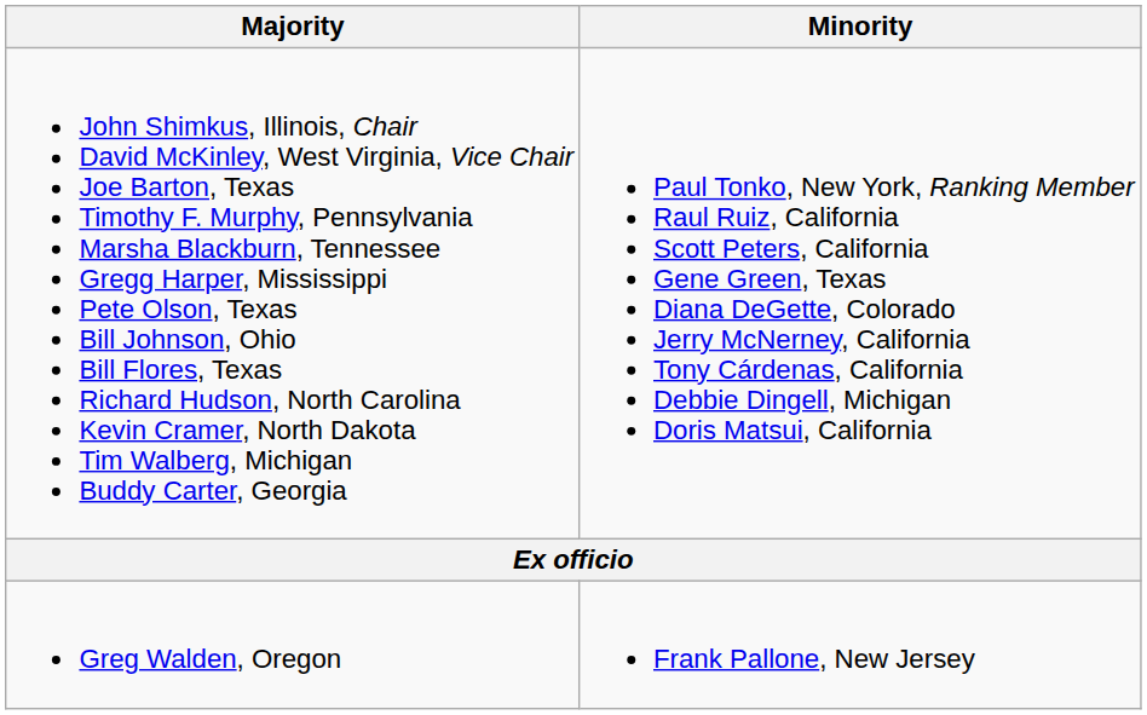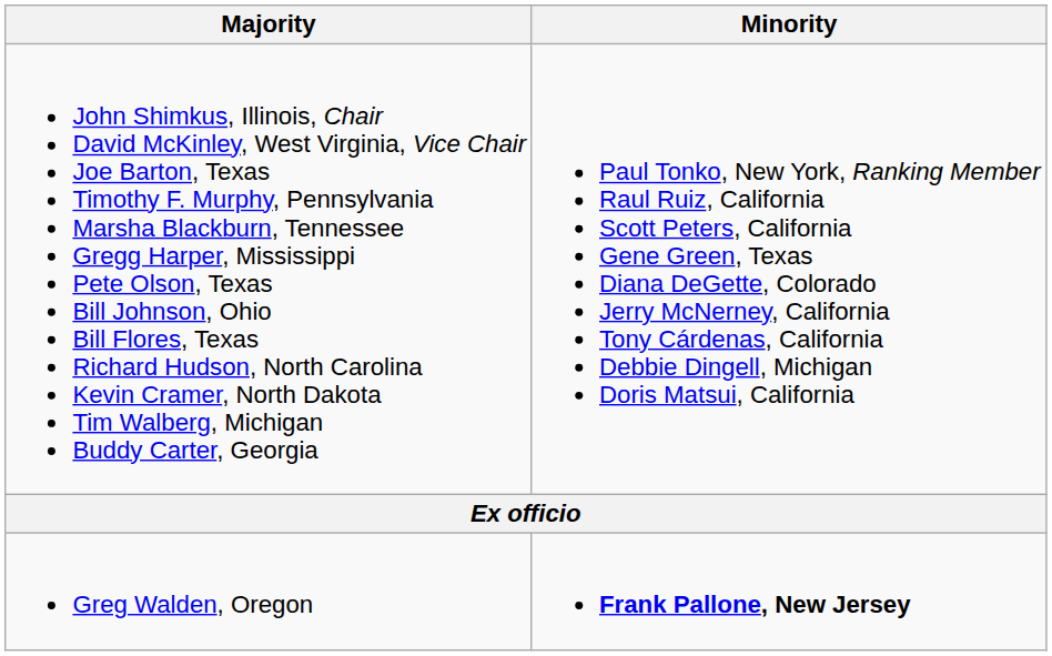 <table class="wikitable">
 <tr>
 <th>Majority</th>
 <th>Minority</th>
 </tr>
 <tr>
 <td><br><ul><li><a href='#'>John Shimkus</a>, Illinois, <em>Chair</em></li><li><a href='#'>David McKinley</a>, West Virginia, <em>Vice Chair</em></li><li><a href='#'>Joe Barton</a>, Texas</li><li><a href='#'>Timothy F. Murphy</a>, Pennsylvania</li><li><a href='#'>Marsha Blackburn</a>, Tennessee</li><li><a href='#'>Gregg Harper</a>, Mississippi</li><li><a href='#'>Pete Olson</a>, Texas</li><li><a href='#'>Bill Johnson</a>, Ohio</li><li><a href='#'>Bill Flores</a>, Texas</li><li><a href='#'>Richard Hudson</a>, North Carolina</li><li><a href='#'>Kevin Cramer</a>, North Dakota</li><li><a href='#'>Tim Walberg</a>, Michigan</li><li><a href='#'>Buddy Carter</a>, Georgia</li></ul></td>
 <td><br><ul><li><a href='#'>Paul Tonko</a>, New York, <em>Ranking Member</em></li><li><a href='#'>Raul Ruiz</a>, California</li><li><a href='#'>Scott Peters</a>, California</li><li><a href='#'>Gene Green</a>, Texas</li><li><a href='#'>Diana DeGette</a>, Colorado</li><li><a href='#'>Jerry McNerney</a>, California</li><li><a href='#'>Tony Cárdenas</a>, California</li><li><a href='#'>Debbie Dingell</a>, Michigan</li><li><a href='#'>Doris Matsui</a>, California</li></ul></td>
 </tr>
 <tr>
 <th colspan="2"><em>Ex officio</em></th>
 </tr>
 <tr>
 <td><br><ul><li><a href='#'>Greg Walden</a>, Oregon</li></ul></td>
-<td><br><ul><li><a href='#'>Frank Pallone</a>, New Jersey</li></ul></td>
+<td><strong><br><ul><li><a href='#'>Frank Pallone</a>, New Jersey</li></ul></strong></td>
 </tr>
 </table>
